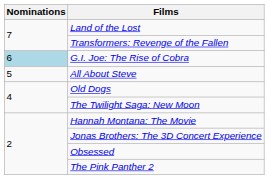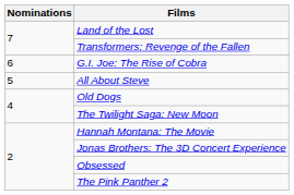 <table class="wikitable">
 <tr>
 <th>Nominations</th>
 <th>Films</th>
 </tr>
 <tr>
 <td rowspan="2">7</td>
 <td><a href='#'><em>Land of the Lost</em></a></td>
 </tr>
 <tr>
 <td><em><a href='#'>Transformers: Revenge of the Fallen</a></em></td>
 </tr>
 <tr>
-<td style="background: lightblue;">6</td>
+<td>6</td>
 <td><em><a href='#'>G.I. Joe: The Rise of Cobra</a></em></td>
 </tr>
 <tr>
 <td>5</td>
 <td><em><a href='#'>All About Steve</a></em></td>
 </tr>
 <tr>
 <td rowspan="2">4</td>
 <td><a href='#'><em>Old Dogs</em></a></td>
 </tr>
 <tr>
 <td><em><a href='#'>The Twilight Saga: New Moon</a></em></td>
 </tr>
 <tr>
 <td rowspan="4">2</td>
 <td><em><a href='#'>Hannah Montana: The Movie</a></em></td>
 </tr>
 <tr>
 <td><em><a href='#'>Jonas Brothers: The 3D Concert Experience</a></em></td>
 </tr>
 <tr>
 <td><a href='#'><em>Obsessed</em></a></td>
 </tr>
 <tr>
 <td><em><a href='#'>The Pink Panther 2</a></em></td>
 </tr>
 </table>
